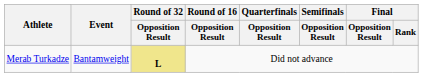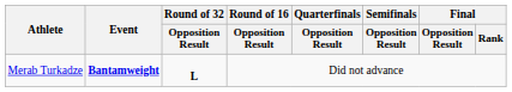 <table class="wikitable" style="font-size:90%">
 <tr>
 <th rowspan="2">Athlete</th>
 <th rowspan="2">Event</th>
 <th>Round of 32</th>
 <th>Round of 16</th>
 <th>Quarterfinals</th>
 <th>Semifinals</th>
 <th colspan=2>Final</th>
 </tr>
 <tr style="font-size:95%">
 <th>Opposition<br>Result</th>
 <th>Opposition<br>Result</th>
 <th>Opposition<br>Result</th>
 <th>Opposition<br>Result</th>
 <th>Opposition<br>Result</th>
 <th>Rank</th>
 </tr>
 <tr align=center>
 <td align=left><a href='#'>Merab Turkadze</a></td>
-<td align=left><a href='#'>Bantamweight</a></td>
-<td style="background: khaki;"><br><strong>L</strong> </td>
+<td align=left><strong><a href='#'>Bantamweight</a></strong></td>
+<td><br><strong>L</strong> </td>
 <td colspan=5>Did not advance</td>
 </tr>
 </table>
